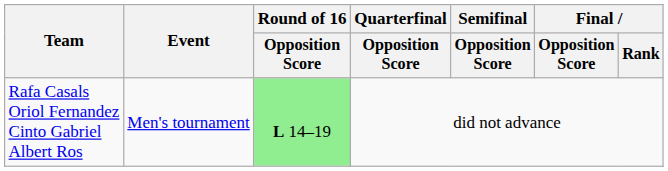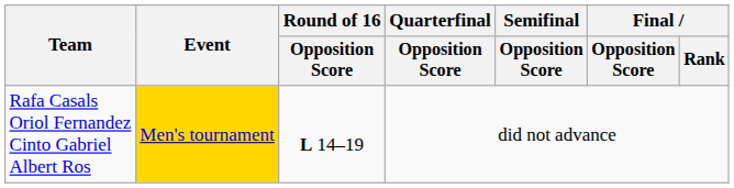 <table class="wikitable" style="font-size:90%">
 <tr>
 <th rowspan=2>Team</th>
 <th rowspan=2>Event</th>
 <th>Round of 16</th>
 <th>Quarterfinal</th>
 <th>Semifinal</th>
 <th colspan=2>Final / </th>
 </tr>
 <tr style="font-size:95%">
 <th>Opposition<br>Score</th>
 <th>Opposition<br>Score</th>
 <th>Opposition<br>Score</th>
 <th>Opposition<br>Score</th>
 <th>Rank</th>
 </tr>
 <tr align=center>
 <td align=left><a href='#'>Rafa Casals</a><br><a href='#'>Oriol Fernandez</a><br><a href='#'>Cinto Gabriel</a><br><a href='#'>Albert Ros</a></td>
-<td align=left><a href='#'>Men's tournament</a></td>
-<td style="background: lightgreen;"><br><strong>L</strong> 14–19</td>
+<td align=left style="background: gold;"><a href='#'>Men's tournament</a></td>
+<td><br><strong>L</strong> 14–19</td>
 <td colspan=4>did not advance</td>
 </tr>
 </table>
